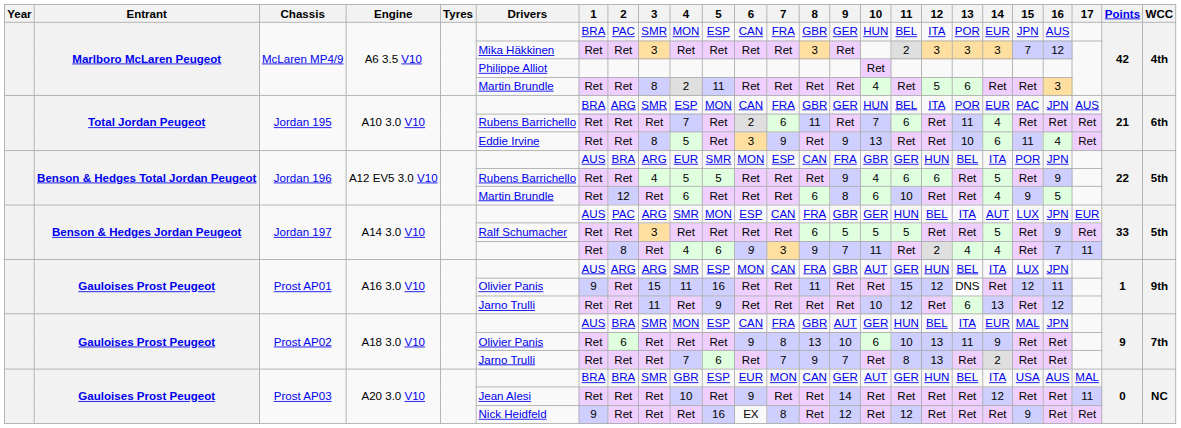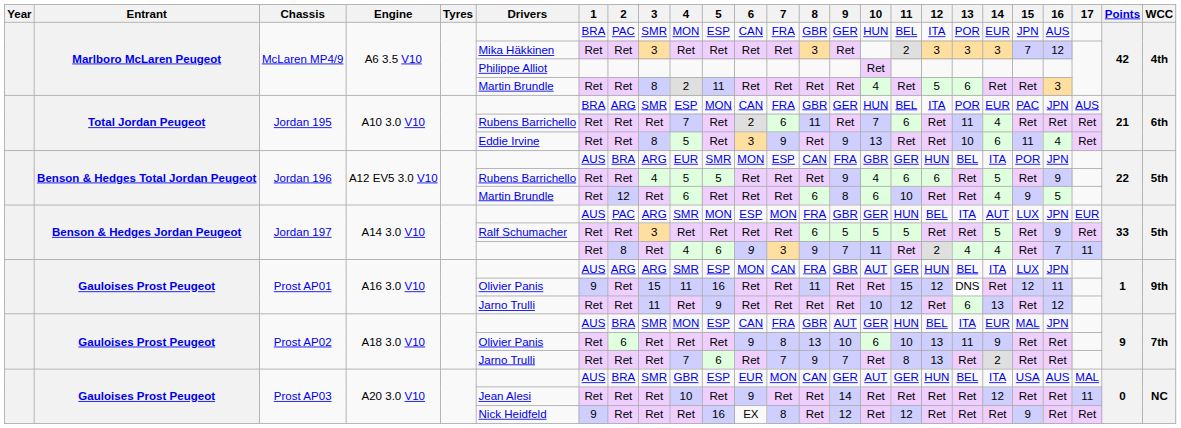 <table class="wikitable" style="text-align:center; font-size:85%">
 <tr>
 <th>Year</th>
 <th>Entrant</th>
 <th>Chassis</th>
 <th>Engine</th>
 <th>Tyres</th>
 <th>Drivers</th>
 <th>1</th>
 <th>2</th>
 <th>3</th>
 <th>4</th>
 <th>5</th>
 <th>6</th>
 <th>7</th>
 <th>8</th>
 <th>9</th>
 <th>10</th>
 <th>11</th>
 <th>12</th>
 <th>13</th>
 <th>14</th>
 <th>15</th>
 <th>16</th>
 <th>17</th>
 <th><a href='#'>Points</a></th>
 <th>WCC</th>
 </tr>
 <tr>
 <th rowspan="4"></th>
 <th rowspan="4"><a href='#'>Marlboro McLaren Peugeot</a></th>
 <td rowspan="4"><a href='#'>McLaren MP4/9</a></td>
 <td rowspan="4">A6 3.5 <a href='#'>V10</a></td>
 <td rowspan="4"></td>
 <td></td>
 <td><a href='#'>BRA</a></td>
 <td><a href='#'>PAC</a></td>
 <td><a href='#'>SMR</a></td>
 <td><a href='#'>MON</a></td>
 <td><a href='#'>ESP</a></td>
 <td><a href='#'>CAN</a></td>
 <td><a href='#'>FRA</a></td>
 <td><a href='#'>GBR</a></td>
 <td><a href='#'>GER</a></td>
 <td><a href='#'>HUN</a></td>
 <td><a href='#'>BEL</a></td>
 <td><a href='#'>ITA</a></td>
 <td><a href='#'>POR</a></td>
 <td><a href='#'>EUR</a></td>
 <td><a href='#'>JPN</a></td>
 <td><a href='#'>AUS</a></td>
 <td></td>
 <th rowspan="4">42</th>
 <th rowspan="4">4th</th>
 </tr>
 <tr>
 <td align="left"> <a href='#'>Mika Häkkinen</a></td>
 <td style="background:#efcfff;">Ret</td>
 <td style="background:#efcfff;">Ret</td>
 <td style="background:#ffdf9f;">3</td>
 <td style="background:#efcfff;">Ret</td>
 <td style="background:#efcfff;">Ret</td>
 <td style="background:#efcfff;">Ret</td>
 <td style="background:#efcfff;">Ret</td>
 <td style="background:#ffdf9f;">3</td>
 <td style="background:#efcfff;">Ret</td>
 <td></td>
 <td style="background:#dfdfdf;">2</td>
 <td style="background:#ffdf9f;">3</td>
 <td style="background:#ffdf9f;">3</td>
 <td style="background:#ffdf9f;">3</td>
 <td style="background:#cfcfff;">7</td>
 <td style="background:#cfcfff;">12</td>
 </tr>
 <tr>
 <td align="left"> <a href='#'>Philippe Alliot</a></td>
 <td></td>
 <td></td>
 <td></td>
 <td></td>
 <td></td>
 <td></td>
 <td></td>
 <td></td>
 <td></td>
 <td style="background:#efcfff;">Ret</td>
 <td></td>
 <td></td>
 <td></td>
 <td></td>
 <td></td>
 <td></td>
 </tr>
 <tr>
 <td align="left"> <a href='#'>Martin Brundle</a></td>
 <td style="background:#efcfff;">Ret</td>
 <td style="background:#efcfff;">Ret</td>
 <td style="background:#cfcfff;">8</td>
 <td style="background:#dfdfdf;">2</td>
 <td style="background:#cfcfff;">11</td>
 <td style="background:#efcfff;">Ret</td>
 <td style="background:#efcfff;">Ret</td>
 <td style="background:#efcfff;">Ret</td>
 <td style="background:#efcfff;">Ret</td>
 <td style="background:#dfffdf;">4</td>
 <td style="background:#efcfff;">Ret</td>
 <td style="background:#dfffdf;">5</td>
 <td style="background:#dfffdf;">6</td>
 <td style="background:#efcfff;">Ret</td>
 <td style="background:#efcfff;">Ret</td>
 <td style="background:#ffdf9f;">3</td>
 </tr>
 <tr>
 <th rowspan="3"></th>
 <th rowspan="3"><a href='#'>Total Jordan Peugeot</a></th>
 <td rowspan="3"><a href='#'>Jordan 195</a></td>
 <td rowspan="3">A10 3.0 <a href='#'>V10</a></td>
 <td rowspan="3"></td>
 <td></td>
 <td><a href='#'>BRA</a></td>
 <td><a href='#'>ARG</a></td>
 <td><a href='#'>SMR</a></td>
 <td><a href='#'>ESP</a></td>
 <td><a href='#'>MON</a></td>
 <td><a href='#'>CAN</a></td>
 <td><a href='#'>FRA</a></td>
 <td><a href='#'>GBR</a></td>
 <td><a href='#'>GER</a></td>
 <td><a href='#'>HUN</a></td>
 <td><a href='#'>BEL</a></td>
 <td><a href='#'>ITA</a></td>
 <td><a href='#'>POR</a></td>
 <td><a href='#'>EUR</a></td>
 <td><a href='#'>PAC</a></td>
 <td><a href='#'>JPN</a></td>
 <td><a href='#'>AUS</a></td>
 <th rowspan="3">21</th>
 <th rowspan="3">6th</th>
 </tr>
 <tr>
 <td align="left"> <a href='#'>Rubens Barrichello</a></td>
 <td style="background:#efcfff;">Ret</td>
 <td style="background:#efcfff;">Ret</td>
 <td style="background:#efcfff;">Ret</td>
 <td style="background:#cfcfff;">7</td>
 <td style="background:#efcfff;">Ret</td>
 <td style="background:#dfdfdf;">2</td>
 <td style="background:#dfffdf;">6</td>
 <td style="background:#cfcfff;">11</td>
 <td style="background:#efcfff;">Ret</td>
 <td style="background:#cfcfff;">7</td>
 <td style="background:#dfffdf;">6</td>
 <td style="background:#efcfff;">Ret</td>
 <td style="background:#cfcfff;">11</td>
 <td style="background:#dfffdf;">4</td>
 <td style="background:#efcfff;">Ret</td>
 <td style="background:#efcfff;">Ret</td>
 <td style="background:#efcfff;">Ret</td>
 </tr>
 <tr>
 <td align="left"> <a href='#'>Eddie Irvine</a></td>
 <td style="background:#efcfff;">Ret</td>
 <td style="background:#efcfff;">Ret</td>
 <td style="background:#cfcfff;">8</td>
 <td style="background:#dfffdf;">5</td>
 <td style="background:#efcfff;">Ret</td>
 <td style="background:#ffdf9f;">3</td>
 <td style="background:#cfcfff;">9</td>
 <td style="background:#efcfff;">Ret</td>
 <td style="background:#cfcfff;">9</td>
 <td style="background:#cfcfff;">13</td>
 <td style="background:#efcfff;">Ret</td>
 <td style="background:#efcfff;">Ret</td>
 <td style="background:#cfcfff;">10</td>
 <td style="background:#dfffdf;">6</td>
 <td style="background:#cfcfff;">11</td>
 <td style="background:#dfffdf;">4</td>
 <td style="background:#efcfff;">Ret</td>
 </tr>
 <tr>
 <th rowspan="3"></th>
 <th rowspan="3"><a href='#'>Benson & Hedges Total Jordan Peugeot</a></th>
 <td rowspan="3"><a href='#'>Jordan 196</a></td>
 <td rowspan="3">A12 EV5 3.0 <a href='#'>V10</a></td>
 <td rowspan="3"></td>
 <td></td>
 <td><a href='#'>AUS</a></td>
 <td><a href='#'>BRA</a></td>
 <td><a href='#'>ARG</a></td>
 <td><a href='#'>EUR</a></td>
 <td><a href='#'>SMR</a></td>
 <td><a href='#'>MON</a></td>
 <td><a href='#'>ESP</a></td>
 <td><a href='#'>CAN</a></td>
 <td><a href='#'>FRA</a></td>
 <td><a href='#'>GBR</a></td>
 <td><a href='#'>GER</a></td>
 <td><a href='#'>HUN</a></td>
 <td><a href='#'>BEL</a></td>
 <td><a href='#'>ITA</a></td>
 <td><a href='#'>POR</a></td>
 <td><a href='#'>JPN</a></td>
 <td></td>
 <th rowspan="3">22</th>
 <th rowspan="3">5th</th>
 </tr>
 <tr>
 <td align="left"> <a href='#'>Rubens Barrichello</a></td>
 <td style="background:#efcfff;">Ret</td>
 <td style="background:#efcfff;">Ret</td>
 <td style="background:#dfffdf;">4</td>
 <td style="background:#dfffdf;">5</td>
 <td style="background:#dfffdf;">5</td>
 <td style="background:#efcfff;">Ret</td>
 <td style="background:#efcfff;">Ret</td>
 <td style="background:#efcfff;">Ret</td>
 <td style="background:#cfcfff;">9</td>
 <td style="background:#dfffdf;">4</td>
 <td style="background:#dfffdf;">6</td>
 <td style="background:#dfffdf;">6</td>
 <td style="background:#efcfff;">Ret</td>
 <td style="background:#dfffdf;">5</td>
 <td style="background:#efcfff;">Ret</td>
 <td style="background:#cfcfff;">9</td>
 <td></td>
 </tr>
 <tr>
 <td align="left"> <a href='#'>Martin Brundle</a></td>
 <td style="background:#efcfff;">Ret</td>
 <td style="background:#cfcfff;">12</td>
 <td style="background:#efcfff;">Ret</td>
 <td style="background:#dfffdf;">6</td>
 <td style="background:#efcfff;">Ret</td>
 <td style="background:#efcfff;">Ret</td>
 <td style="background:#efcfff;">Ret</td>
 <td style="background:#dfffdf;">6</td>
 <td style="background:#cfcfff;">8</td>
 <td style="background:#dfffdf;">6</td>
 <td style="background:#cfcfff;">10</td>
 <td style="background:#efcfff;">Ret</td>
 <td style="background:#efcfff;">Ret</td>
 <td style="background:#dfffdf;">4</td>
 <td style="background:#cfcfff;">9</td>
 <td style="background:#dfffdf;">5</td>
 <td></td>
 </tr>
 <tr>
 <th rowspan="3"></th>
 <th rowspan="3"><a href='#'>Benson & Hedges Jordan Peugeot</a></th>
 <td rowspan="3"><a href='#'>Jordan 197</a></td>
 <td rowspan="3">A14 3.0 <a href='#'>V10</a></td>
 <td rowspan="3"></td>
 <td></td>
 <td><a href='#'>AUS</a></td>
 <td><a href='#'>PAC</a></td>
 <td><a href='#'>ARG</a></td>
 <td><a href='#'>SMR</a></td>
 <td><a href='#'>MON</a></td>
 <td><a href='#'>ESP</a></td>
-<td><a href='#'>CAN</a></td>
+<td><a href='#'>MON</a></td>
 <td><a href='#'>FRA</a></td>
 <td><a href='#'>GBR</a></td>
 <td><a href='#'>GER</a></td>
 <td><a href='#'>HUN</a></td>
 <td><a href='#'>BEL</a></td>
 <td><a href='#'>ITA</a></td>
 <td><a href='#'>AUT</a></td>
 <td><a href='#'>LUX</a></td>
 <td><a href='#'>JPN</a></td>
 <td><a href='#'>EUR</a></td>
 <th rowspan="3">33</th>
 <th rowspan="3">5th</th>
 </tr>
 <tr>
 <td align="left"> <a href='#'>Ralf Schumacher</a></td>
 <td style="background:#efcfff;">Ret</td>
 <td style="background:#efcfff;">Ret</td>
 <td style="background:#ffdf9f;">3</td>
 <td style="background:#efcfff;">Ret</td>
 <td style="background:#efcfff;">Ret</td>
 <td style="background:#efcfff;">Ret</td>
 <td style="background:#efcfff;">Ret</td>
 <td style="background:#dfffdf;">6</td>
 <td style="background:#dfffdf;">5</td>
 <td style="background:#dfffdf;">5</td>
 <td style="background:#dfffdf;">5</td>
 <td style="background:#efcfff;">Ret</td>
 <td style="background:#efcfff;">Ret</td>
 <td style="background:#dfffdf;">5</td>
 <td style="background:#efcfff;">Ret</td>
 <td style="background:#cfcfff;">9</td>
 <td style="background:#efcfff;">Ret</td>
 </tr>
 <tr>
 <td align="left"></td>
 <td style="background:#efcfff;">Ret</td>
 <td style="background:#cfcfff;">8</td>
 <td style="background:#efcfff;">Ret</td>
 <td style="background:#dfffdf;">4</td>
 <td style="background:#dfffdf;">6</td>
 <td style="background:#cfcfff;"><em>9</em></td>
 <td style="background:#ffdf9f;">3</td>
 <td style="background:#cfcfff;">9</td>
 <td style="background:#cfcfff;">7</td>
 <td style="background:#cfcfff;">11</td>
 <td style="background:#efcfff;">Ret</td>
 <td style="background:#dfdfdf;">2</td>
 <td style="background:#dfffdf;">4</td>
 <td style="background:#dfffdf;">4</td>
 <td style="background:#efcfff;">Ret</td>
 <td style="background:#cfcfff;">7</td>
 <td style="background:#cfcfff;">11</td>
 </tr>
 <tr>
 <th rowspan="3"></th>
 <th rowspan="3"><a href='#'>Gauloises Prost Peugeot</a></th>
 <td rowspan="3"><a href='#'>Prost AP01</a></td>
 <td rowspan="3">A16 3.0 <a href='#'>V10</a></td>
 <td rowspan="3"></td>
 <td></td>
 <td><a href='#'>AUS</a></td>
 <td><a href='#'>ARG</a></td>
 <td><a href='#'>ARG</a></td>
 <td><a href='#'>SMR</a></td>
 <td><a href='#'>ESP</a></td>
 <td><a href='#'>MON</a></td>
 <td><a href='#'>CAN</a></td>
 <td><a href='#'>FRA</a></td>
 <td><a href='#'>GBR</a></td>
 <td><a href='#'>AUT</a></td>
 <td><a href='#'>GER</a></td>
 <td><a href='#'>HUN</a></td>
 <td><a href='#'>BEL</a></td>
 <td><a href='#'>ITA</a></td>
 <td><a href='#'>LUX</a></td>
 <td><a href='#'>JPN</a></td>
 <td></td>
 <th rowspan="3">1</th>
 <th rowspan="3">9th</th>
 </tr>
 <tr>
 <td align="left"> <a href='#'>Olivier Panis</a></td>
 <td style="background:#CFCFFF;">9</td>
 <td style="background:#EFCFFF;">Ret</td>
 <td style="background:#CFCFFF;">15</td>
 <td style="background:#CFCFFF;">11</td>
 <td style="background:#CFCFFF;">16</td>
 <td style="background:#EFCFFF;">Ret</td>
 <td style="background:#EFCFFF;">Ret</td>
 <td style="background:#CFCFFF;">11</td>
 <td style="background:#EFCFFF;">Ret</td>
 <td style="background:#EFCFFF;">Ret</td>
 <td style="background:#CFCFFF;">15</td>
 <td style="background:#CFCFFF;">12</td>
 <td style="background:white;">DNS</td>
 <td style="background:#EFCFFF;">Ret</td>
 <td style="background:#CFCFFF;">12</td>
 <td style="background:#CFCFFF;">11</td>
 <td></td>
 </tr>
 <tr>
 <td align="left"> <a href='#'>Jarno Trulli</a></td>
 <td style="background:#EFCFFF;">Ret</td>
 <td style="background:#EFCFFF;">Ret</td>
 <td style="background:#CFCFFF;">11</td>
 <td style="background:#EFCFFF;">Ret</td>
 <td style="background:#CFCFFF;">9</td>
 <td style="background:#EFCFFF;">Ret</td>
 <td style="background:#EFCFFF;">Ret</td>
 <td style="background:#EFCFFF;">Ret</td>
 <td style="background:#EFCFFF;">Ret</td>
 <td style="background:#CFCFFF;">10</td>
 <td style="background:#CFCFFF;">12</td>
 <td style="background:#EFCFFF;">Ret</td>
 <td style="background:#DFFFDF;">6</td>
 <td style="background:#CFCFFF;">13</td>
 <td style="background:#EFCFFF;">Ret</td>
 <td style="background:#CFCFFF;">12</td>
 <td></td>
 </tr>
 <tr>
 <th rowspan="3"></th>
 <th rowspan="3"><a href='#'>Gauloises Prost Peugeot</a></th>
 <td rowspan="3"><a href='#'>Prost AP02</a></td>
 <td rowspan="3">A18 3.0 <a href='#'>V10</a></td>
 <td rowspan="3"></td>
 <td></td>
 <td><a href='#'>AUS</a></td>
 <td><a href='#'>BRA</a></td>
 <td><a href='#'>SMR</a></td>
 <td><a href='#'>MON</a></td>
 <td><a href='#'>ESP</a></td>
 <td><a href='#'>CAN</a></td>
 <td><a href='#'>FRA</a></td>
 <td><a href='#'>GBR</a></td>
 <td><a href='#'>AUT</a></td>
 <td><a href='#'>GER</a></td>
 <td><a href='#'>HUN</a></td>
 <td><a href='#'>BEL</a></td>
 <td><a href='#'>ITA</a></td>
 <td><a href='#'>EUR</a></td>
 <td><a href='#'>MAL</a></td>
 <td><a href='#'>JPN</a></td>
 <td></td>
 <th rowspan="3">9</th>
 <th rowspan="3">7th</th>
 </tr>
 <tr>
 <td align="left"> <a href='#'>Olivier Panis</a></td>
 <td style="background:#EFCFFF;">Ret</td>
 <td style="background:#DFFFDF;">6</td>
 <td style="background:#EFCFFF;">Ret</td>
 <td style="background:#EFCFFF;">Ret</td>
 <td style="background:#EFCFFF;">Ret</td>
 <td style="background:#CFCFFF;">9</td>
 <td style="background:#CFCFFF;">8</td>
 <td style="background:#CFCFFF;">13</td>
 <td style="background:#CFCFFF;">10</td>
 <td style="background:#DFFFDF;">6</td>
 <td style="background:#CFCFFF;">10</td>
 <td style="background:#CFCFFF;">13</td>
 <td style="background:#CFCFFF;">11</td>
 <td style="background:#CFCFFF;">9</td>
 <td style="background:#EFCFFF;">Ret</td>
 <td style="background:#EFCFFF;">Ret</td>
 <td></td>
 </tr>
 <tr>
 <td align="left"> <a href='#'>Jarno Trulli</a></td>
 <td style="background:#EFCFFF;">Ret</td>
 <td style="background:#EFCFFF;">Ret</td>
 <td style="background:#EFCFFF;">Ret</td>
 <td style="background:#CFCFFF;">7</td>
 <td style="background:#DFFFDF;">6</td>
 <td style="background:#EFCFFF;">Ret</td>
 <td style="background:#CFCFFF;">7</td>
 <td style="background:#CFCFFF;">9</td>
 <td style="background:#CFCFFF;">7</td>
 <td style="background:#EFCFFF;">Ret</td>
 <td style="background:#CFCFFF;">8</td>
 <td style="background:#CFCFFF;">13</td>
 <td style="background:#EFCFFF;">Ret</td>
 <td style="background:#DFDFDF;">2</td>
 <td style="background:#EFCFFF;">Ret</td>
 <td style="background:#EFCFFF;">Ret</td>
 <td></td>
 </tr>
 <tr>
 <th rowspan="3"></th>
 <th rowspan="3"><a href='#'>Gauloises Prost Peugeot</a></th>
 <td rowspan="3"><a href='#'>Prost AP03</a></td>
 <td rowspan="3">A20 3.0 <a href='#'>V10</a></td>
 <td rowspan="3"></td>
 <td></td>
-<td><a href='#'>BRA</a></td>
+<td><a href='#'>AUS</a></td>
 <td><a href='#'>BRA</a></td>
 <td><a href='#'>SMR</a></td>
 <td><a href='#'>GBR</a></td>
 <td><a href='#'>ESP</a></td>
 <td><a href='#'>EUR</a></td>
 <td><a href='#'>MON</a></td>
 <td><a href='#'>CAN</a></td>
 <td><a href='#'>GER</a></td>
 <td><a href='#'>AUT</a></td>
 <td><a href='#'>GER</a></td>
 <td><a href='#'>HUN</a></td>
 <td><a href='#'>BEL</a></td>
 <td><a href='#'>ITA</a></td>
 <td><a href='#'>USA</a></td>
 <td><a href='#'>AUS</a></td>
 <td><a href='#'>MAL</a></td>
 <th rowspan="3">0</th>
 <th rowspan="3">NC</th>
 </tr>
 <tr>
 <td align="left"> <a href='#'>Jean Alesi</a></td>
 <td style="background:#EFCFFF;">Ret</td>
 <td style="background:#EFCFFF;">Ret</td>
 <td style="background:#EFCFFF;">Ret</td>
 <td style="background:#CFCFFF;">10</td>
 <td style="background:#EFCFFF;">Ret</td>
 <td style="background:#CFCFFF;">9</td>
 <td style="background:#EFCFFF;">Ret</td>
 <td style="background:#EFCFFF;">Ret</td>
 <td style="background:#CFCFFF;">14</td>
 <td style="background:#EFCFFF;">Ret</td>
 <td style="background:#EFCFFF;">Ret</td>
 <td style="background:#EFCFFF;">Ret</td>
 <td style="background:#EFCFFF;">Ret</td>
 <td style="background:#CFCFFF;">12</td>
 <td style="background:#EFCFFF;">Ret</td>
 <td style="background:#EFCFFF;">Ret</td>
 <td style="background:#CFCFFF;">11</td>
 </tr>
 <tr>
 <td align="left"> <a href='#'>Nick Heidfeld</a></td>
 <td style="background:#CFCFFF;">9</td>
 <td style="background:#EFCFFF;">Ret</td>
 <td style="background:#EFCFFF;">Ret</td>
 <td style="background:#EFCFFF;">Ret</td>
 <td style="background:#CFCFFF;">16</td>
 <td>EX</td>
 <td style="background:#CFCFFF;">8</td>
 <td style="background:#EFCFFF;">Ret</td>
 <td style="background:#CFCFFF;">12</td>
 <td style="background:#EFCFFF;">Ret</td>
 <td style="background:#CFCFFF;">12</td>
 <td style="background:#EFCFFF;">Ret</td>
 <td style="background:#EFCFFF;">Ret</td>
 <td style="background:#EFCFFF;">Ret</td>
 <td style="background:#CFCFFF;">9</td>
 <td style="background:#EFCFFF;">Ret</td>
 <td style="background:#EFCFFF;">Ret</td>
 </tr>
 </table>
